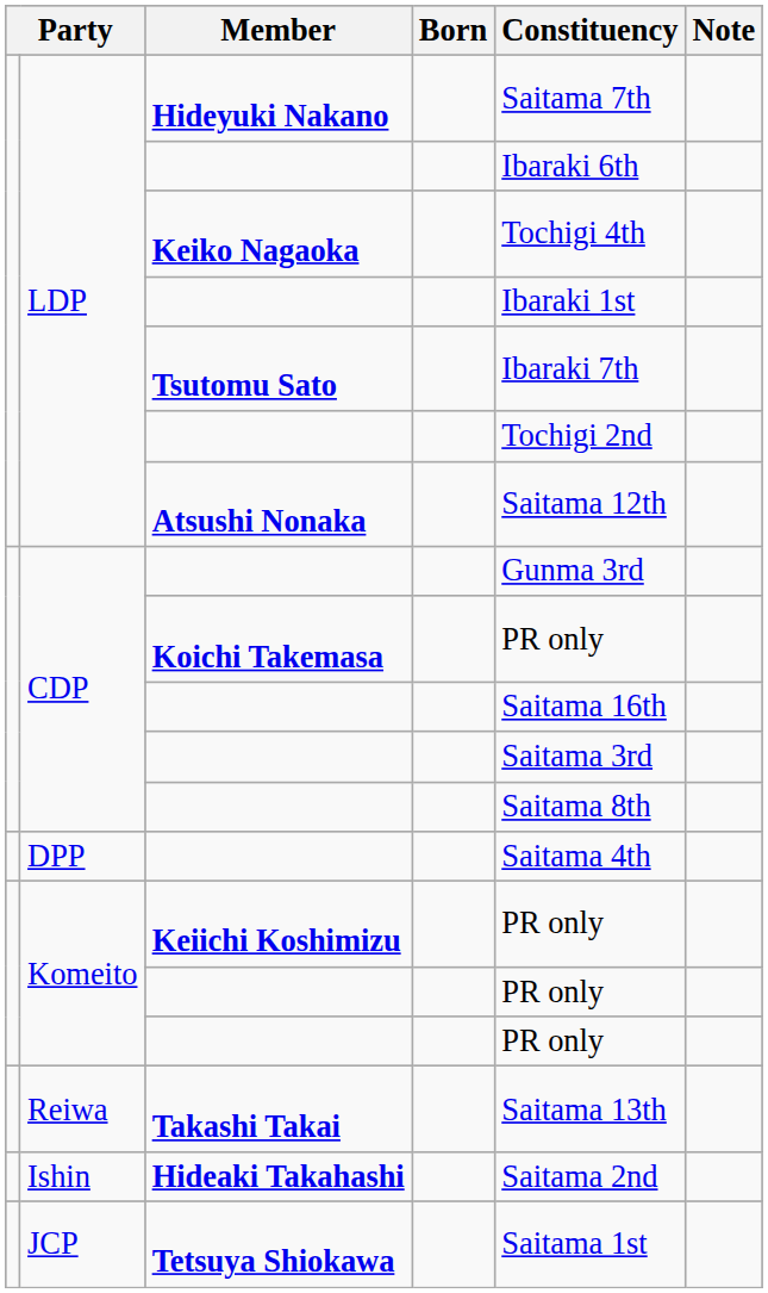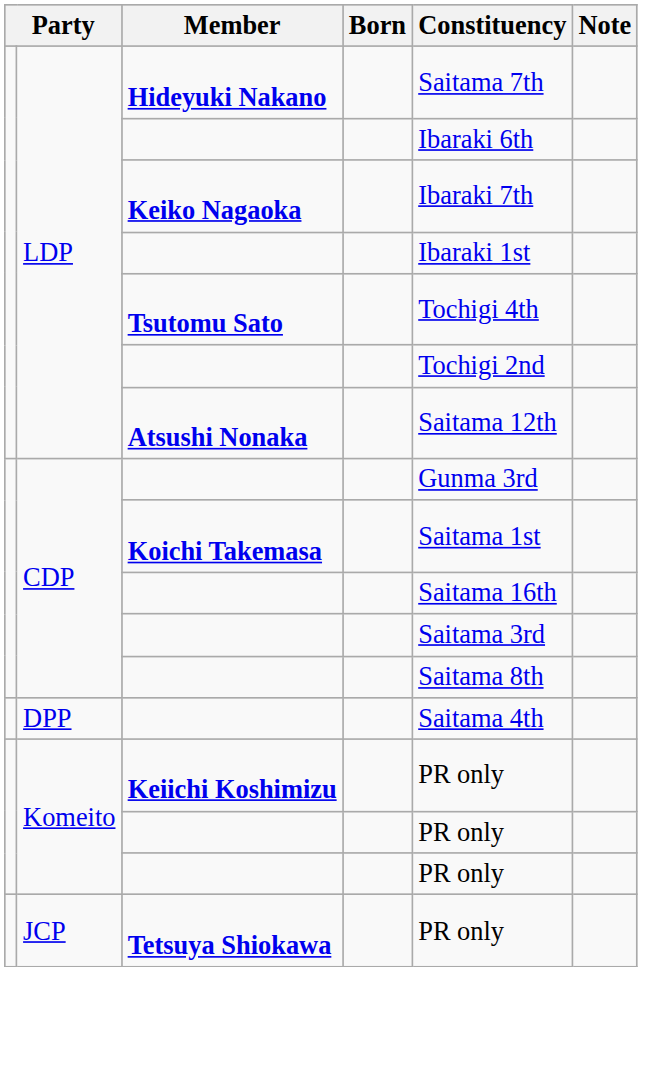 <table class="wikitable">
 <tr>
 <th colspan=2>Party</th>
 <th>Member</th>
 <th>Born</th>
 <th>Constituency</th>
 <th>Note</th>
 </tr>
 <tr>
 <td rowspan=7 style="background-color:"></td>
 <td rowspan=7><a href='#'>LDP</a></td>
 <td><br><strong><a href='#'>Hideyuki Nakano</a></strong></td>
 <td></td>
 <td><a href='#'>Saitama 7th</a></td>
 <td></td>
 </tr>
 <tr>
 <td><br><strong></strong></td>
 <td></td>
 <td><a href='#'>Ibaraki 6th</a></td>
 <td></td>
 </tr>
 <tr>
 <td><br><strong><a href='#'>Keiko Nagaoka</a></strong></td>
 <td></td>
-<td><a href='#'>Tochigi 4th</a></td>
+<td><a href='#'>Ibaraki 7th</a></td>
 <td></td>
 </tr>
 <tr>
 <td><br><strong></strong></td>
 <td></td>
 <td><a href='#'>Ibaraki 1st</a></td>
 <td></td>
 </tr>
 <tr>
 <td><br><strong><a href='#'>Tsutomu Sato</a></strong></td>
 <td></td>
-<td><a href='#'>Ibaraki 7th</a></td>
+<td><a href='#'>Tochigi 4th</a></td>
 <td></td>
 </tr>
 <tr>
 <td><br><strong></strong></td>
 <td></td>
 <td><a href='#'>Tochigi 2nd</a></td>
 <td></td>
 </tr>
 <tr>
 <td><br><strong><a href='#'>Atsushi Nonaka</a></strong></td>
 <td></td>
 <td><a href='#'>Saitama 12th</a></td>
 <td></td>
 </tr>
 <tr>
 <td rowspan=5 style="background-color:"></td>
 <td rowspan=5><a href='#'>CDP</a></td>
 <td><strong></strong></td>
 <td></td>
 <td><a href='#'>Gunma 3rd</a></td>
 <td></td>
 </tr>
 <tr>
 <td><br><strong><a href='#'>Koichi Takemasa</a></strong></td>
 <td></td>
-<td>PR only</td>
+<td><a href='#'>Saitama 1st</a></td>
 <td></td>
 </tr>
 <tr>
 <td><strong></strong></td>
 <td></td>
 <td><a href='#'>Saitama 16th</a></td>
 <td></td>
 </tr>
 <tr>
 <td><strong></strong></td>
 <td></td>
 <td><a href='#'>Saitama 3rd</a></td>
 <td></td>
 </tr>
 <tr>
 <td><strong></strong></td>
 <td></td>
 <td><a href='#'>Saitama 8th</a></td>
 <td></td>
 </tr>
 <tr>
 <td style="background-color:"></td>
 <td><a href='#'>DPP</a></td>
 <td><strong></strong></td>
 <td></td>
 <td><a href='#'>Saitama 4th</a></td>
 <td></td>
 </tr>
 <tr>
 <td rowspan=3 style="background-color:"></td>
 <td rowspan=3><a href='#'>Komeito</a></td>
 <td><br><strong><a href='#'>Keiichi Koshimizu</a></strong></td>
 <td></td>
 <td>PR only</td>
 <td></td>
 </tr>
 <tr>
 <td><strong></strong></td>
 <td></td>
 <td>PR only</td>
 <td></td>
 </tr>
 <tr>
 <td><strong></strong></td>
 <td></td>
 <td>PR only</td>
 <td></td>
 </tr>
 <tr>
 <td style="background-color:"></td>
-<td><a href='#'>Reiwa</a></td>
-<td><br><strong><a href='#'>Takashi Takai</a></strong></td>
-<td></td>
-<td><a href='#'>Saitama 13th</a></td>
-<td></td>
-</tr>
-<tr>
-<td style="background-color:"></td>
-<td><a href='#'>Ishin</a></td>
-<td><strong><a href='#'>Hideaki Takahashi</a></strong></td>
-<td></td>
-<td><a href='#'>Saitama 2nd</a></td>
-<td></td>
-</tr>
-<tr>
-<td style="background-color:"></td>
 <td><a href='#'>JCP</a></td>
 <td><br><strong><a href='#'>Tetsuya Shiokawa</a></strong></td>
 <td></td>
-<td><a href='#'>Saitama 1st</a></td>
+<td>PR only</td>
 <td></td>
 </tr>
 </table>
